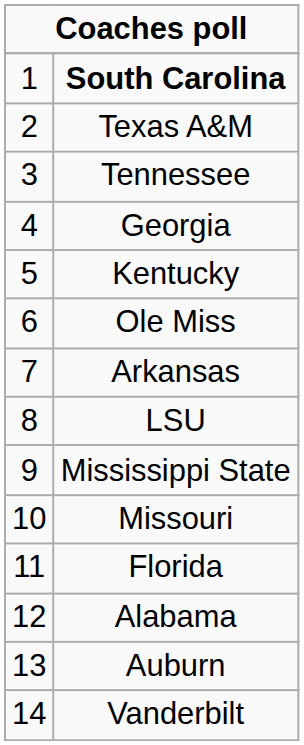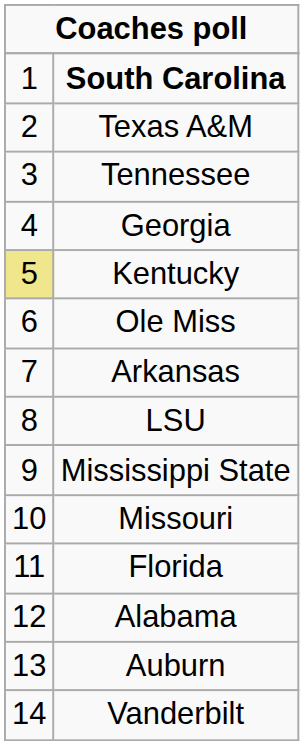 <table class="wikitable">
 <tr align="center">
 <td align="center" Colspan="2"><strong>Coaches poll</strong></td>
 </tr>
 <tr align="center">
 </tr>
 <tr align="center">
 <td>1</td>
 <td><strong>South Carolina</strong></td>
 </tr>
 <tr align="center">
 <td>2</td>
 <td>Texas A&M</td>
 </tr>
 <tr align="center">
 <td>3</td>
 <td>Tennessee</td>
 </tr>
 <tr align="center">
 <td>4</td>
 <td>Georgia</td>
 </tr>
 <tr align="center">
-<td>5</td>
+<td style="background: khaki;">5</td>
 <td>Kentucky</td>
 </tr>
 <tr align="center">
 <td>6</td>
 <td>Ole Miss</td>
 </tr>
 <tr align="center">
 <td>7</td>
 <td>Arkansas</td>
 </tr>
 <tr align="center">
 <td>8</td>
 <td>LSU</td>
 </tr>
 <tr align="center">
 <td>9</td>
 <td>Mississippi State</td>
 </tr>
 <tr align="center">
 <td>10</td>
 <td>Missouri</td>
 </tr>
 <tr align="center">
 <td>11</td>
 <td>Florida</td>
 </tr>
 <tr align="center">
 <td>12</td>
 <td>Alabama</td>
 </tr>
 <tr align="center">
 <td>13</td>
 <td>Auburn</td>
 </tr>
 <tr align="center">
 <td>14</td>
 <td>Vanderbilt</td>
 </tr>
 </table>
